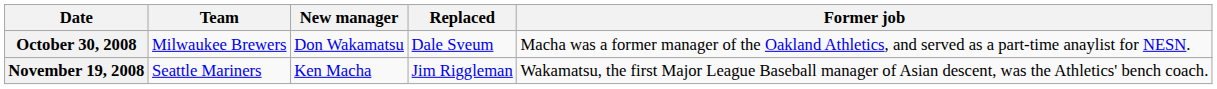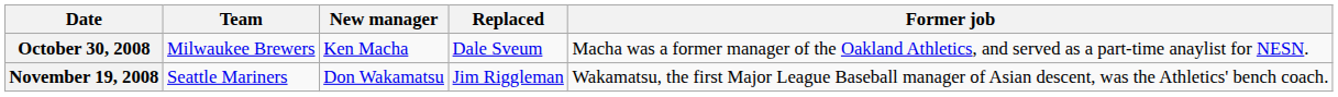 <table class="wikitable" style="font-size=:95%;">
 <tr>
 <th>Date</th>
 <th>Team</th>
 <th>New manager</th>
 <th>Replaced</th>
 <th>Former job</th>
 </tr>
 <tr>
 <th>October 30, 2008</th>
 <td><a href='#'>Milwaukee Brewers</a></td>
-<td><a href='#'>Don Wakamatsu</a></td>
+<td><a href='#'>Ken Macha</a></td>
 <td><a href='#'>Dale Sveum</a></td>
 <td>Macha was a former manager of the <a href='#'>Oakland Athletics</a>, and served as a part-time anaylist for <a href='#'>NESN</a>.</td>
 </tr>
 <tr>
 <th>November 19, 2008</th>
 <td><a href='#'>Seattle Mariners</a></td>
-<td><a href='#'>Ken Macha</a></td>
+<td><a href='#'>Don Wakamatsu</a></td>
 <td><a href='#'>Jim Riggleman</a></td>
 <td>Wakamatsu, the first Major League Baseball manager of Asian descent, was the Athletics' bench coach.</td>
 </tr>
 </table>
